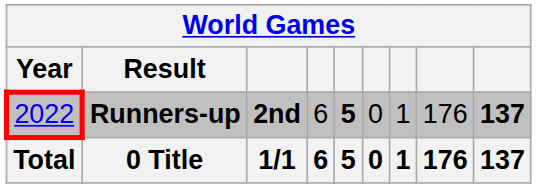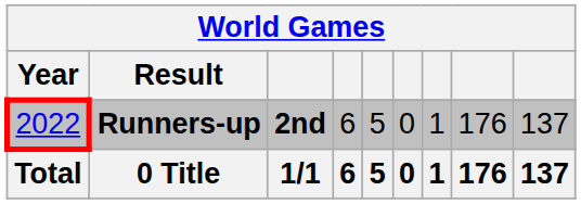 <table class="wikitable" style="text-align: center;font-size:100%;">
 <tr>
 <th colspan="9"><a href='#'>World Games</a></th>
 </tr>
 <tr>
 <th>Year</th>
 <th>Result</th>
 <th></th>
 <th></th>
 <th></th>
 <th></th>
 <th></th>
 <th></th>
 <th></th>
 </tr>
 <tr bgcolor=silver>
 <td style="border: 3px solid red"> <a href='#'>2022</a></td>
 <td><strong>Runners-up</strong></td>
 <td><strong>2nd</strong></td>
 <td>6</td>
-<td><strong>5</strong></td>
+<td>5</td>
 <td>0</td>
 <td>1</td>
 <td>176</td>
-<td><strong>137</strong></td>
+<td>137</td>
 </tr>
 <tr>
 <th>Total</th>
 <th>0 Title</th>
 <th>1/1</th>
 <th>6</th>
 <th>5</th>
 <th>0</th>
 <th>1</th>
 <th>176</th>
 <th>137</th>
 </tr>
 </table>
